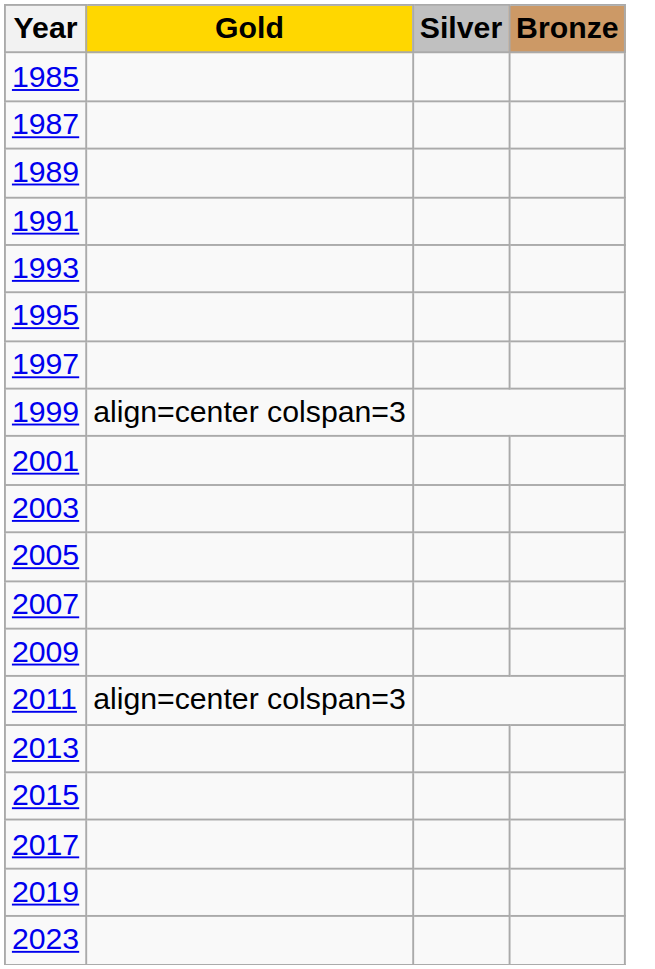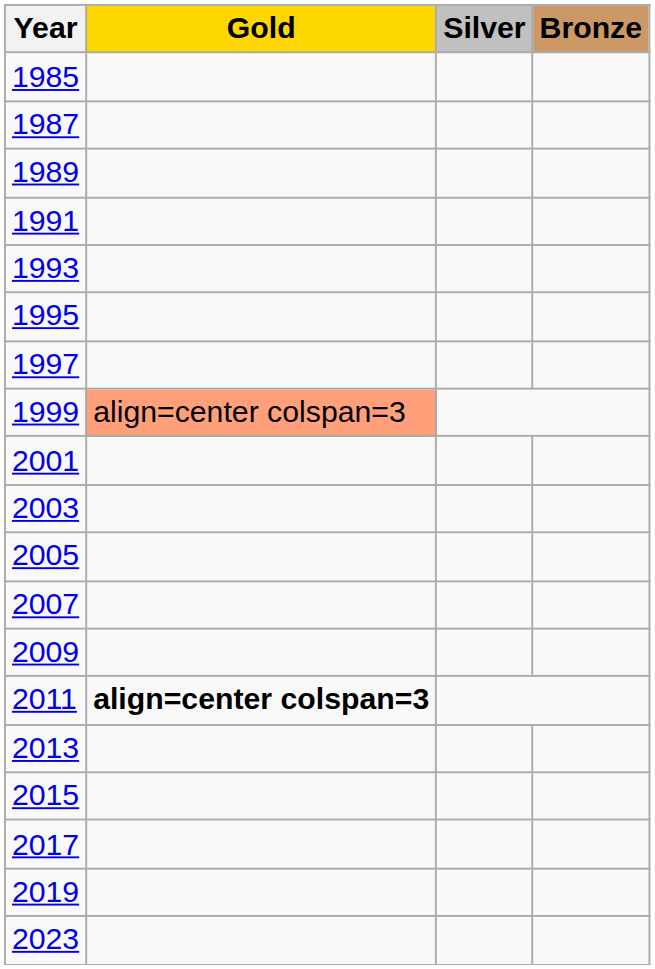 <table class="wikitable">
 <tr>
 <th>Year</th>
 <th style="background-color:gold">Gold</th>
 <th style="background-color:silver">Silver</th>
 <th style="background-color:#cc9966">Bronze</th>
 </tr>
 <tr>
 <td> <a href='#'>1985</a></td>
 <td><strong></strong></td>
 <td></td>
 <td></td>
 </tr>
 <tr>
 <td> <a href='#'>1987</a></td>
 <td><strong></strong></td>
 <td></td>
 <td></td>
 </tr>
 <tr>
 <td> <a href='#'>1989</a></td>
 <td><strong></strong></td>
 <td></td>
 <td></td>
 </tr>
 <tr>
 <td> <a href='#'>1991</a></td>
 <td><strong></strong></td>
 <td></td>
 <td></td>
 </tr>
 <tr>
 <td> <a href='#'>1993</a></td>
 <td><strong></strong></td>
 <td></td>
 <td></td>
 </tr>
 <tr>
 <td> <a href='#'>1995</a></td>
 <td><strong></strong></td>
 <td></td>
 <td></td>
 </tr>
 <tr>
 <td> <a href='#'>1997</a></td>
 <td><strong></strong></td>
 <td></td>
 <td></td>
 </tr>
 <tr>
 <td> <a href='#'>1999</a></td>
-<td>align=center colspan=3 </td>
+<td style="background: lightsalmon;">align=center colspan=3 </td>
 </tr>
 <tr>
 <td> <a href='#'>2001</a></td>
 <td><strong></strong></td>
 <td></td>
 <td></td>
 </tr>
 <tr>
 <td> <a href='#'>2003</a></td>
 <td><strong></strong></td>
 <td></td>
 <td></td>
 </tr>
 <tr>
 <td> <a href='#'>2005</a></td>
 <td><strong></strong></td>
 <td></td>
 <td></td>
 </tr>
 <tr>
 <td> <a href='#'>2007</a></td>
 <td><strong></strong></td>
 <td></td>
 <td></td>
 </tr>
 <tr>
 <td> <a href='#'>2009</a></td>
 <td><strong></strong></td>
 <td></td>
 <td></td>
 </tr>
 <tr>
 <td> <a href='#'>2011</a></td>
-<td>align=center colspan=3 </td>
+<td><strong>align=center colspan=3 </strong></td>
 </tr>
 <tr>
 <td> <a href='#'>2013</a></td>
 <td><strong></strong></td>
 <td></td>
 <td></td>
 </tr>
 <tr>
 <td> <a href='#'>2015</a></td>
 <td><strong></strong></td>
 <td></td>
 <td></td>
 </tr>
 <tr>
 <td> <a href='#'>2017</a></td>
 <td><strong></strong></td>
 <td></td>
 <td></td>
 </tr>
 <tr>
 <td> <a href='#'>2019</a></td>
 <td><strong></strong></td>
 <td></td>
 <td></td>
 </tr>
 <tr>
 <td> <a href='#'>2023</a></td>
 <td><strong></strong></td>
 <td></td>
 <td></td>
 </tr>
 <tr>
 </tr>
 </table>
